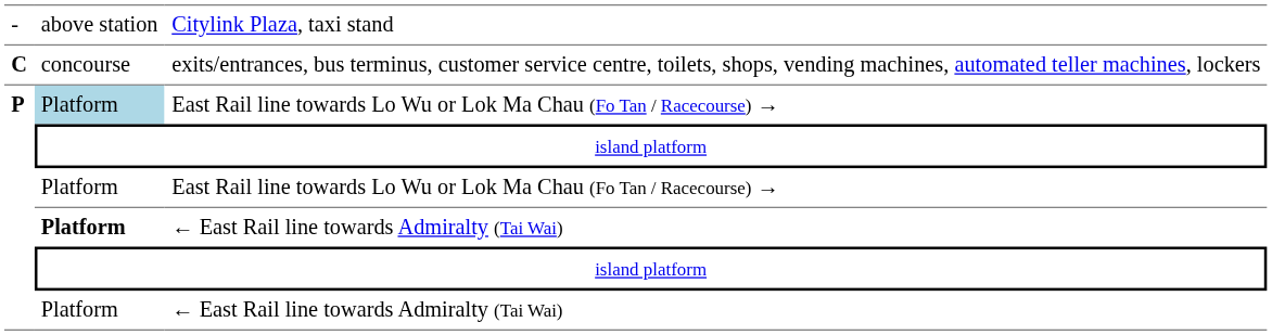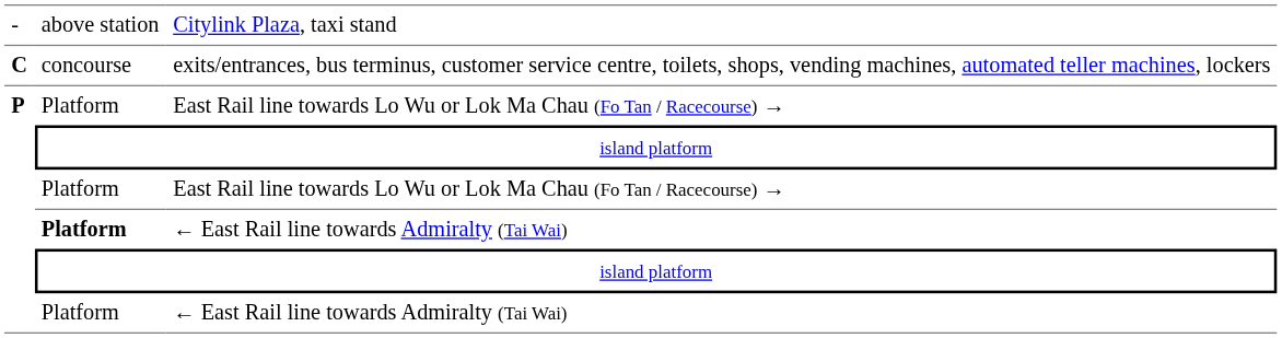 <table border=0 cellspacing=0 cellpadding=5px>
 <tr>
 <td style="border-bottom:solid 1px gray;border-top:solid 1px gray;vertical-align:top;">-</td>
 <td style="border-top:solid 1px gray;border-bottom:solid 1px gray;vertical-align:top;">above station</td>
 <td style="border-top:solid 1px gray;border-bottom:solid 1px gray;vertical-align:top;"><a href='#'>Citylink Plaza</a>, taxi stand</td>
 </tr>
 <tr>
 <td style="border-bottom:solid 1px gray; vertical-align:top;"><strong>C</strong></td>
 <td style="border-bottom:solid 1px gray; vertical-align:top;">concourse</td>
 <td style="border-bottom:solid 1px gray;">exits/entrances, bus terminus, customer service centre, toilets, shops, vending machines, <a href='#'>automated teller machines</a>, lockers</td>
 </tr>
 <tr>
 <td style="border-bottom:solid 1px gray;vertical-align:top;" rowspan=6><strong>P</strong></td>
-<td style="background: lightblue;">Platform </td>
+<td>Platform </td>
 <td> East Rail line towards Lo Wu or Lok Ma Chau <small>(<a href='#'>Fo Tan</a> / <a href='#'>Racecourse</a>)</small> →</td>
 </tr>
 <tr>
 <td style="border-top:solid 2px black;border-right:solid 2px black;border-left:solid 2px black;border-bottom:solid 2px black;text-align:center;" colspan=2><small><a href='#'>island platform</a></small></td>
 </tr>
 <tr>
 <td style="border-bottom:solid 1px gray;">Platform </td>
 <td style="border-bottom:solid 1px gray;"> East Rail line towards Lo Wu or Lok Ma Chau <small>(Fo Tan / Racecourse)</small> →</td>
 </tr>
 <tr>
 <td><strong>Platform </strong></td>
 <td>←  East Rail line towards <a href='#'>Admiralty</a> <small>(<a href='#'>Tai Wai</a>)</small></td>
 </tr>
 <tr>
 <td style="border-top:solid 2px black;border-right:solid 2px black;border-left:solid 2px black;border-bottom:solid 2px black;text-align:center;" colspan=2><small><a href='#'>island platform</a></small></td>
 </tr>
 <tr>
 <td style="border-bottom:solid 1px gray;">Platform </td>
 <td style="border-bottom:solid 1px gray;">←  East Rail line towards Admiralty <small>(Tai Wai)</small></td>
 </tr>
 </table>
